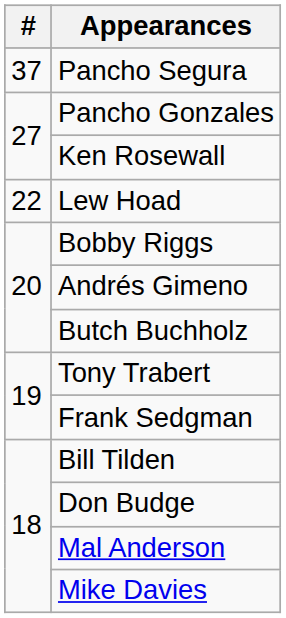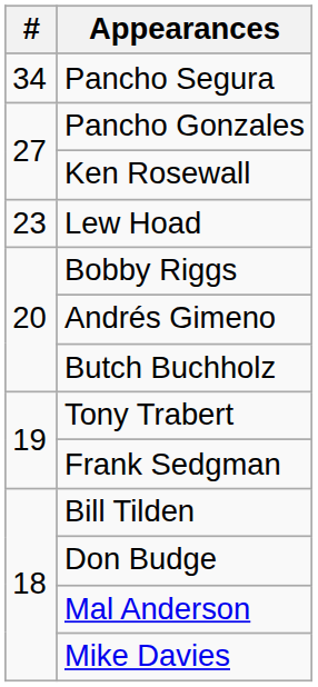 <table class=wikitable style="display:inline-table;">
 <tr>
 <th width=20>#</th>
 <th>Appearances</th>
 </tr>
 <tr>
-<td>37</td>
+<td>34</td>
 <td> Pancho Segura</td>
 </tr>
 <tr>
 <td rowspan="2">27</td>
 <td> Pancho Gonzales</td>
 </tr>
 <tr>
 <td> Ken Rosewall</td>
 </tr>
 <tr>
-<td>22</td>
+<td>23</td>
 <td> Lew Hoad</td>
 </tr>
 <tr>
 <td rowspan="3">20</td>
 <td> Bobby Riggs</td>
 </tr>
 <tr>
 <td> Andrés Gimeno</td>
 </tr>
 <tr>
 <td> Butch Buchholz</td>
 </tr>
 <tr>
 <td rowspan="2">19</td>
 <td> Tony Trabert</td>
 </tr>
 <tr>
 <td> Frank Sedgman</td>
 </tr>
 <tr>
 <td rowspan="4">18</td>
 <td> Bill Tilden</td>
 </tr>
 <tr>
 <td> Don Budge</td>
 </tr>
 <tr>
 <td> <a href='#'>Mal Anderson</a></td>
 </tr>
 <tr>
 <td> <a href='#'>Mike Davies</a></td>
 </tr>
 </table>
